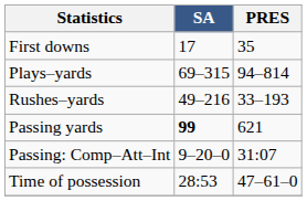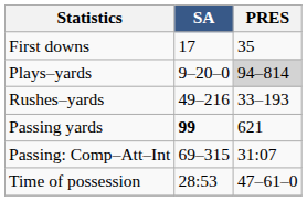 <table class="wikitable">
 <tr>
 <th>Statistics</th>
 <th style="background:#385988; color:#ffffff">SA</th>
 <th>PRES</th>
 </tr>
 <tr>
 <td>First downs</td>
 <td>17</td>
 <td>35</td>
 </tr>
 <tr>
 <td>Plays–yards</td>
-<td>69–315</td>
-<td>94–814</td>
+<td>9–20–0</td>
+<td style="background: lightgrey;">94–814</td>
 </tr>
 <tr>
 <td>Rushes–yards</td>
 <td>49–216</td>
 <td>33–193</td>
 </tr>
 <tr>
 <td>Passing yards</td>
 <td><strong>99</strong></td>
 <td>621</td>
 </tr>
 <tr>
 <td>Passing: Comp–Att–Int</td>
-<td>9–20–0</td>
+<td>69–315</td>
 <td>31:07</td>
 </tr>
 <tr>
 <td>Time of possession</td>
 <td>28:53</td>
 <td>47–61–0</td>
 </tr>
 <tr>
 </tr>
 </table>
